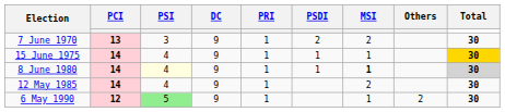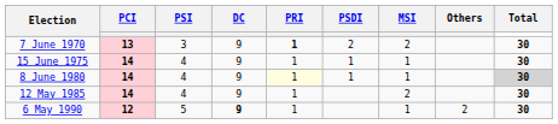 <table class="wikitable" style="text-align:center;font-size:85%;line-height:13px">
 <tr style="height:30px; background-color:#E9E9E9">
 <th style="width:110px;" rowspan="2">Election</th>
 <th style="width:65px;"><a href='#'>PCI</a></th>
 <th style="width:65px;"><a href='#'>PSI</a></th>
 <th style="width:65px;"><a href='#'>DC</a></th>
 <th style="width:65px;"><a href='#'>PRI</a></th>
 <th style="width:65px;"><a href='#'>PSDI</a></th>
 <th style="width:65px;"><a href='#'>MSI</a></th>
 <th style="width:65px;">Others</th>
 <th style="width:65px;">Total</th>
 </tr>
 <tr>
 <th style="color:inherit;background:"></th>
 <th style="color:inherit;background:"></th>
 <th style="color:inherit;background:"></th>
 <th style="color:inherit;background:"></th>
 <th style="color:inherit;background:"></th>
 <th style="color:inherit;background:"></th>
 <th style="color:inherit;background:"></th>
 <th style="color:inherit;background:white;"></th>
 </tr>
 <tr>
 <td><a href='#'>7 June 1970</a></td>
 <td style="background:#FFD0D7"><strong>13</strong></td>
 <td>3</td>
 <td>9</td>
-<td>1</td>
+<td><strong>1</strong></td>
 <td>2</td>
 <td>2</td>
 <td></td>
 <td><strong>30</strong></td>
 </tr>
 <tr>
 <td><a href='#'>15 June 1975</a></td>
 <td style="background:#FFD0D7"><strong>14</strong></td>
 <td>4</td>
 <td>9</td>
 <td>1</td>
 <td>1</td>
 <td>1</td>
 <td></td>
-<td style="background: gold;"><strong>30</strong></td>
+<td><strong>30</strong></td>
 </tr>
 <tr>
 <td><a href='#'>8 June 1980</a></td>
 <td style="background:#FFD0D7"><strong>14</strong></td>
-<td style="background: lightyellow;">4</td>
+<td>4</td>
 <td>9</td>
+<td style="background: lightyellow;">1</td>
 <td>1</td>
 <td>1</td>
-<td><strong>1</strong></td>
 <td></td>
 <td style="background: lightgrey;"><strong>30</strong></td>
 </tr>
 <tr>
 <td><a href='#'>12 May 1985</a></td>
 <td style="background:#FFD0D7"><strong>14</strong></td>
 <td>4</td>
 <td>9</td>
 <td>1</td>
 <td></td>
 <td>2</td>
 <td></td>
 <td><strong>30</strong></td>
 </tr>
 <tr>
 <td><a href='#'>6 May 1990</a></td>
 <td style="background:#FFD0D7"><strong>12</strong></td>
-<td style="background: lightgreen;">5</td>
-<td>9</td>
+<td>5</td>
+<td><strong>9</strong></td>
 <td>1</td>
 <td></td>
 <td>1</td>
 <td>2</td>
 <td><strong>30</strong></td>
 </tr>
 </table>
